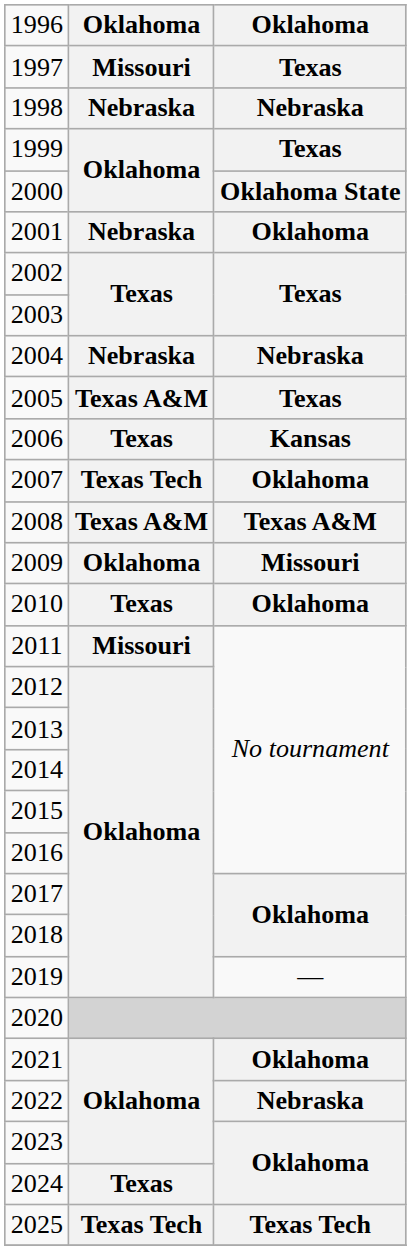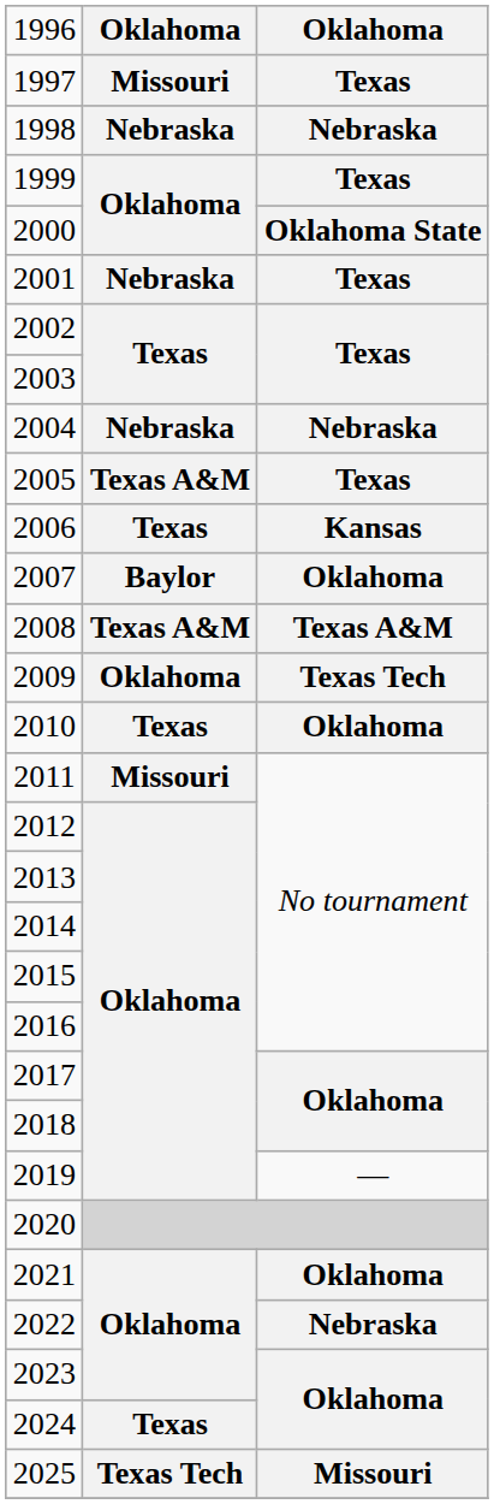 <table class="wikitable" style="text-align: center;">
 <tr>
 <td>1996</td>
 <th>Oklahoma</th>
 <th>Oklahoma</th>
 </tr>
 <tr>
 <td>1997</td>
 <th>Missouri</th>
 <th>Texas</th>
 </tr>
 <tr>
 <td>1998</td>
 <th>Nebraska</th>
 <th>Nebraska</th>
 </tr>
 <tr>
 <td>1999</td>
 <th rowspan="2">Oklahoma</th>
 <th>Texas</th>
 </tr>
 <tr>
 <td>2000</td>
 <th>Oklahoma State</th>
 </tr>
 <tr>
 <td>2001</td>
 <th>Nebraska</th>
-<th>Oklahoma</th>
+<th>Texas</th>
 </tr>
 <tr>
 <td>2002</td>
 <th rowspan="2">Texas</th>
 <th rowspan="2">Texas</th>
 </tr>
 <tr>
 <td>2003</td>
 </tr>
 <tr>
 <td>2004</td>
 <th>Nebraska</th>
 <th>Nebraska</th>
 </tr>
 <tr>
 <td>2005</td>
 <th>Texas A&M</th>
 <th>Texas</th>
 </tr>
 <tr>
 <td>2006</td>
 <th>Texas</th>
 <th>Kansas</th>
 </tr>
 <tr>
 <td>2007</td>
-<th>Texas Tech</th>
+<th>Baylor</th>
 <th>Oklahoma</th>
 </tr>
 <tr>
 <td>2008</td>
 <th>Texas A&M</th>
 <th>Texas A&M</th>
 </tr>
 <tr>
 <td>2009</td>
 <th>Oklahoma</th>
-<th>Missouri</th>
+<th>Texas Tech</th>
 </tr>
 <tr>
 <td>2010</td>
 <th>Texas</th>
 <th>Oklahoma</th>
 </tr>
 <tr>
 <td>2011</td>
 <th>Missouri</th>
 <td rowspan="6"><em>No tournament</em></td>
 </tr>
 <tr>
 <td>2012</td>
 <th rowspan="8">Oklahoma</th>
 </tr>
 <tr>
 <td>2013</td>
 </tr>
 <tr>
 <td>2014</td>
 </tr>
 <tr>
 <td>2015</td>
 </tr>
 <tr>
 <td>2016</td>
 </tr>
 <tr>
 <td>2017</td>
 <th rowspan="2">Oklahoma</th>
 </tr>
 <tr>
 <td>2018</td>
 </tr>
 <tr>
 <td>2019</td>
 <td align="center">—</td>
 </tr>
 <tr>
 <td>2020</td>
 <td colspan="2" bgcolor="#d3d3d3"></td>
 </tr>
 <tr>
 <td>2021</td>
 <th rowspan="3">Oklahoma</th>
 <th>Oklahoma</th>
 </tr>
 <tr>
 <td>2022</td>
 <th>Nebraska</th>
 </tr>
 <tr>
 <td>2023</td>
 <th rowspan="2">Oklahoma</th>
 </tr>
 <tr>
 <td>2024</td>
 <th>Texas</th>
 </tr>
 <tr>
 <td>2025</td>
 <th>Texas Tech</th>
-<th>Texas Tech</th>
+<th>Missouri</th>
 </tr>
 <tr>
 </tr>
 </table>
